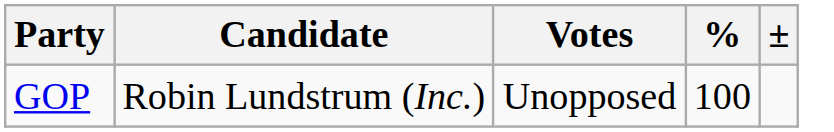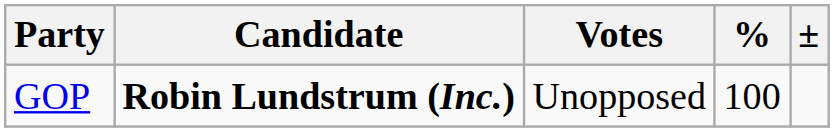 <table class="wikitable">
 <tr>
 <th>Party</th>
 <th>Candidate</th>
 <th>Votes</th>
 <th>%</th>
 <th>±</th>
 </tr>
 <tr>
 <td><a href='#'>GOP</a></td>
-<td>Robin Lundstrum (<em>Inc.</em>)</td>
+<td><strong>Robin Lundstrum (<em>Inc.</em>)</strong></td>
 <td>Unopposed</td>
 <td>100</td>
 </tr>
 </table>
